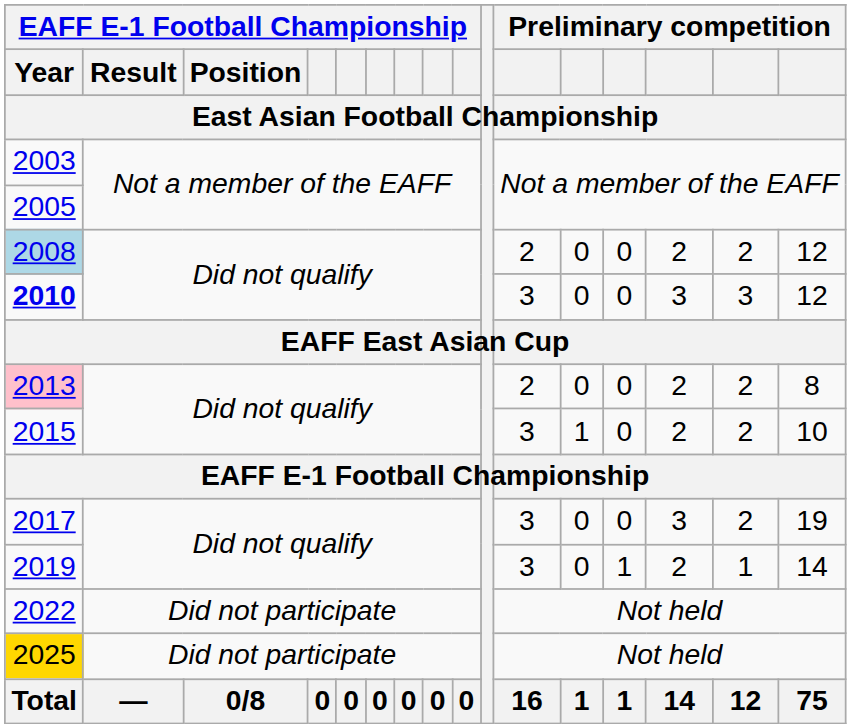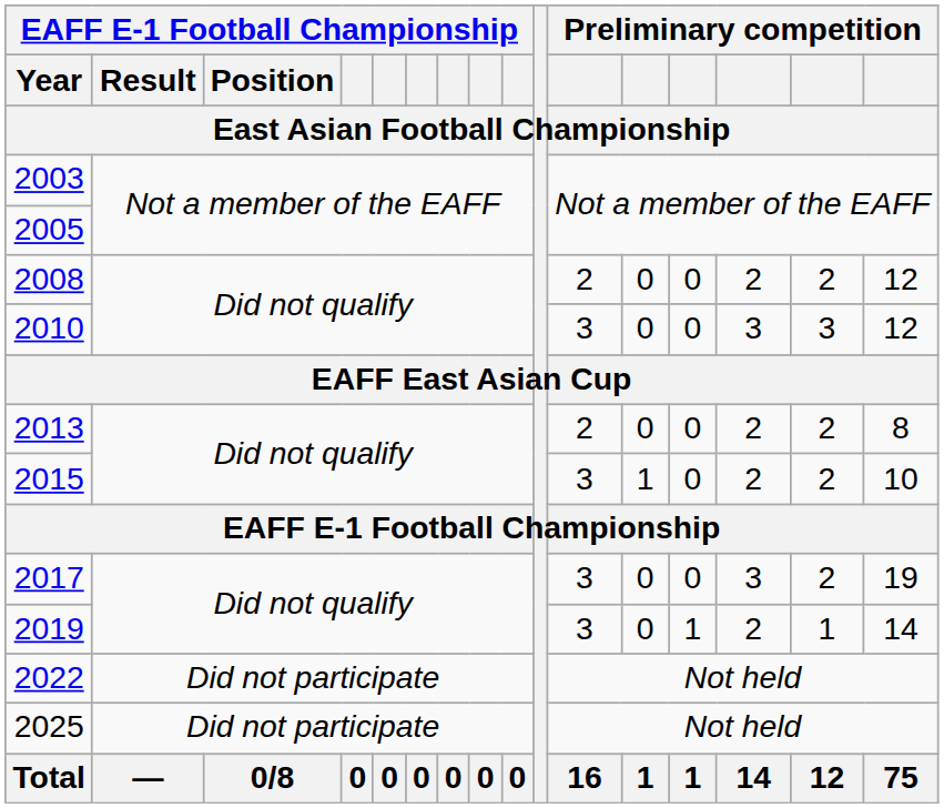 <table class="wikitable" style="text-align: center;">
 <tr>
 <th colspan=9><a href='#'>EAFF E-1 Football Championship</a></th>
 <th rowspan=39></th>
 <th colspan=6>Preliminary competition</th>
 </tr>
 <tr>
 <th>Year</th>
 <th>Result</th>
 <th>Position</th>
 <th></th>
 <th></th>
 <th></th>
 <th></th>
 <th></th>
 <th></th>
 <th></th>
 <th></th>
 <th></th>
 <th></th>
 <th></th>
 <th></th>
 </tr>
 <tr>
 <th colspan=16>East Asian Football Championship</th>
 </tr>
 <tr>
 <td> <a href='#'>2003</a></td>
 <td textalign="center"; colspan="8" rowspan=2><em>Not a member of the EAFF</em></td>
 <td textalign="center"; colspan="6" rowspan=2><em>Not a member of the EAFF</em></td>
 </tr>
 <tr>
 <td> <a href='#'>2005</a></td>
 </tr>
 <tr>
-<td style="background: lightblue;"> <a href='#'>2008</a></td>
+<td> <a href='#'>2008</a></td>
 <td textalign="center"; colspan="8" rowspan=2><em>Did not qualify</em></td>
 <td>2</td>
 <td>0</td>
 <td>0</td>
 <td>2</td>
 <td>2</td>
 <td>12</td>
 </tr>
 <tr>
-<td><strong> <a href='#'>2010</a></strong></td>
+<td> <a href='#'>2010</a></td>
 <td>3</td>
 <td>0</td>
 <td>0</td>
 <td>3</td>
 <td>3</td>
 <td>12</td>
 </tr>
 <tr>
 <th colspan=16>EAFF East Asian Cup</th>
 </tr>
 <tr>
-<td style="background: pink;"> <a href='#'>2013</a></td>
+<td> <a href='#'>2013</a></td>
 <td textalign="center"; colspan="8" rowspan=2><em>Did not qualify</em></td>
 <td>2</td>
 <td>0</td>
 <td>0</td>
 <td>2</td>
 <td>2</td>
 <td>8</td>
 </tr>
 <tr>
 <td> <a href='#'>2015</a></td>
 <td>3</td>
 <td>1</td>
 <td>0</td>
 <td>2</td>
 <td>2</td>
 <td>10</td>
 </tr>
 <tr>
 <th colspan=16>EAFF E-1 Football Championship</th>
 </tr>
 <tr>
 <td> <a href='#'>2017</a></td>
 <td textalign="center"; colspan="8" rowspan=2><em>Did not qualify</em></td>
 <td>3</td>
 <td>0</td>
 <td>0</td>
 <td>3</td>
 <td>2</td>
 <td>19</td>
 </tr>
 <tr>
 <td> <a href='#'>2019</a></td>
 <td>3</td>
 <td>0</td>
 <td>1</td>
 <td>2</td>
 <td>1</td>
 <td>14</td>
 </tr>
 <tr>
 <td> <a href='#'>2022</a></td>
 <td textalign="center"; colspan="8"><em>Did not participate</em></td>
 <td textalign="center"; colspan="6"><em>Not held</em></td>
 </tr>
 <tr>
-<td style="background: gold;"> 2025</td>
+<td> 2025</td>
 <td colspan=8><em>Did not participate</em></td>
 <td colspan=6><em>Not held</em></td>
 </tr>
 <tr>
 <th><strong>Total</strong></th>
 <th>—</th>
 <th><strong>0/8</strong></th>
 <th><strong>0</strong></th>
 <th><strong>0</strong></th>
 <th><strong>0</strong></th>
 <th><strong>0</strong></th>
 <th><strong>0</strong></th>
 <th><strong>0</strong></th>
 <th><strong>16</strong></th>
 <th><strong>1</strong></th>
 <th><strong>1</strong></th>
 <th><strong>14</strong></th>
 <th><strong>12</strong></th>
 <th><strong>75</strong></th>
 </tr>
 </table>
